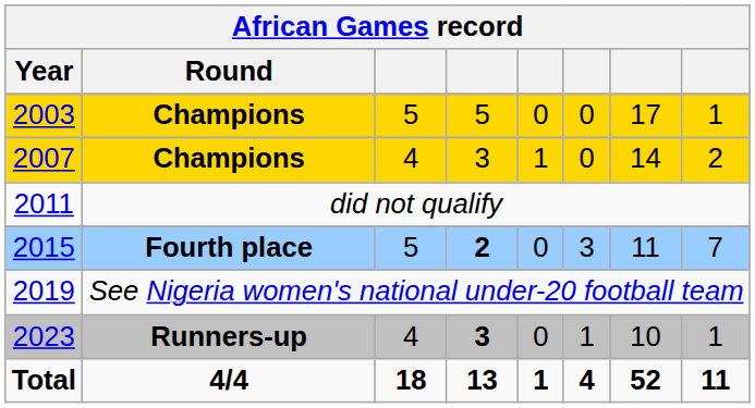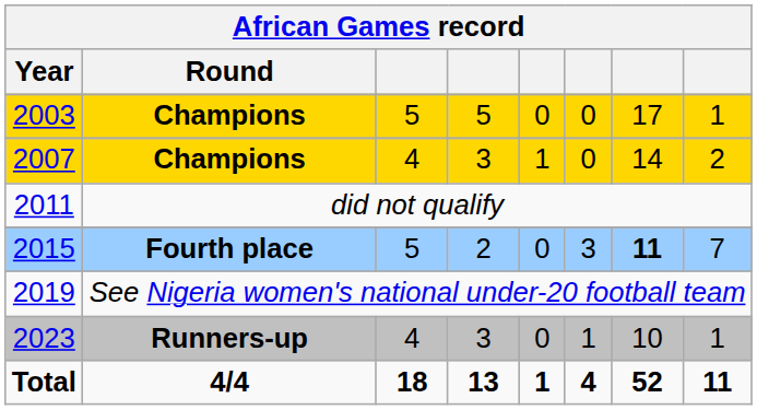 <table class="wikitable" style="text-align: center;">
 <tr>
 <th colspan=8><a href='#'>African Games</a> record</th>
 </tr>
 <tr>
 <th>Year</th>
 <th>Round</th>
 <th></th>
 <th></th>
 <th></th>
 <th></th>
 <th></th>
 <th></th>
 </tr>
 <tr>
 </tr>
 <tr bgcolor=gold>
 <td> <a href='#'>2003</a></td>
 <td><strong>Champions</strong></td>
 <td>5</td>
 <td>5</td>
 <td>0</td>
 <td>0</td>
 <td>17</td>
 <td>1</td>
 </tr>
 <tr>
 </tr>
 <tr bgcolor=gold>
 <td> <a href='#'>2007</a></td>
 <td><strong>Champions</strong></td>
 <td>4</td>
 <td>3</td>
 <td>1</td>
 <td>0</td>
 <td>14</td>
 <td>2</td>
 </tr>
 <tr>
 <td> <a href='#'>2011</a></td>
 <td colspan=7><em>did not qualify</em></td>
 </tr>
 <tr>
 </tr>
 <tr bgcolor=#9acdff>
 <td> <a href='#'>2015</a></td>
 <td><strong>Fourth place</strong></td>
 <td>5</td>
-<td><strong>2</strong></td>
+<td>2</td>
 <td>0</td>
 <td>3</td>
-<td>11</td>
+<td><strong>11</strong></td>
 <td>7</td>
 </tr>
 <tr>
 <td> <a href='#'>2019</a></td>
 <td colspan=8><em>See <a href='#'>Nigeria women's national under-20 football team</a></em></td>
 </tr>
 <tr bgcolor=silver>
 <td> <a href='#'>2023</a></td>
 <td><strong>Runners-up</strong></td>
 <td>4</td>
-<td><strong>3</strong></td>
+<td>3</td>
 <td>0</td>
 <td>1</td>
 <td>10</td>
 <td>1</td>
 </tr>
 <tr>
 <td><strong>Total</strong></td>
 <td><strong>4/4</strong></td>
 <td><strong>18</strong></td>
 <td><strong>13</strong></td>
 <td><strong>1</strong></td>
 <td><strong>4</strong></td>
 <td><strong>52</strong></td>
 <td><strong>11</strong></td>
 </tr>
 </table>
